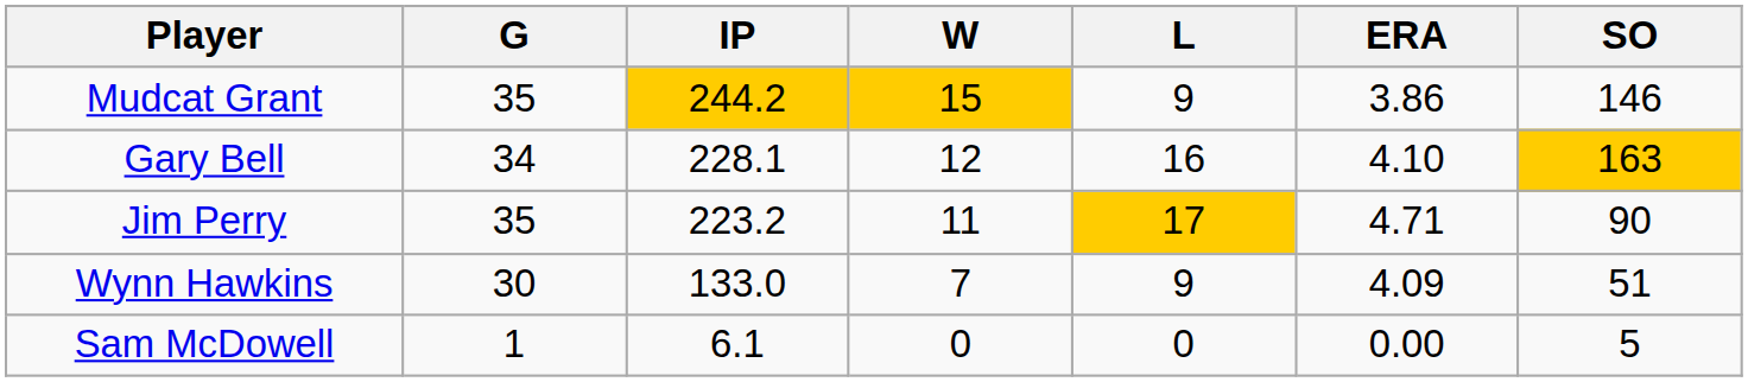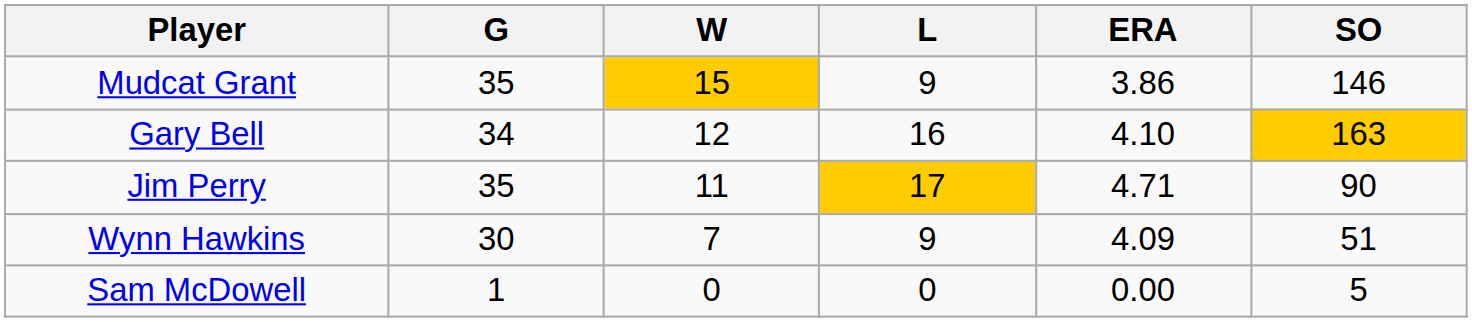 <table class="wikitable sortable">
 <tr>
 <th bgcolor="#DDDDFF" width="16%">Player</th>
 <th bgcolor="#DDDDFF" width="9%">G</th>
-<th bgcolor="#DDDDFF" width="9%">IP</th>
 <th bgcolor="#DDDDFF" width="9%">W</th>
 <th bgcolor="#DDDDFF" width="9%">L</th>
 <th bgcolor="#DDDDFF" width="9%">ERA</th>
 <th bgcolor="#DDDDFF" width="9%">SO</th>
 </tr>
 <tr align="center">
 <td><a href='#'>Mudcat Grant</a></td>
 <td>35</td>
-<td style="background:#fc0;">244.2</td>
 <td style="background:#fc0;">15</td>
 <td>9</td>
 <td>3.86</td>
 <td>146</td>
 </tr>
 <tr align="center">
 <td><a href='#'>Gary Bell</a></td>
 <td>34</td>
-<td>228.1</td>
 <td>12</td>
 <td>16</td>
 <td>4.10</td>
 <td style="background:#fc0;">163</td>
 </tr>
 <tr align="center">
 <td><a href='#'>Jim Perry</a></td>
 <td>35</td>
-<td>223.2</td>
 <td>11</td>
 <td style="background:#fc0;">17</td>
 <td>4.71</td>
 <td>90</td>
 </tr>
 <tr align="center">
 <td><a href='#'>Wynn Hawkins</a></td>
 <td>30</td>
-<td>133.0</td>
 <td>7</td>
 <td>9</td>
 <td>4.09</td>
 <td>51</td>
 </tr>
 <tr align="center">
 <td><a href='#'>Sam McDowell</a></td>
 <td>1</td>
-<td>6.1</td>
 <td>0</td>
 <td>0</td>
 <td>0.00</td>
 <td>5</td>
 </tr>
 </table>
